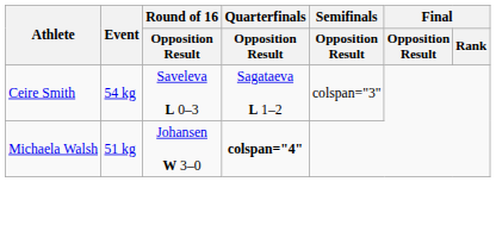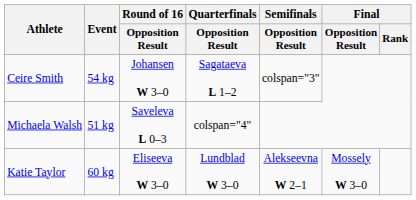 <table class="wikitable" style="font-size:90%;">
 <tr>
 <th rowspan=2>Athlete</th>
 <th rowspan=2>Event</th>
 <th>Round of 16</th>
 <th>Quarterfinals</th>
 <th>Semifinals</th>
 <th colspan=2>Final</th>
 </tr>
 <tr style="font-size:95%">
 <th>Opposition<br>Result</th>
 <th>Opposition<br>Result</th>
 <th>Opposition<br>Result</th>
 <th>Opposition<br>Result</th>
 <th>Rank</th>
 </tr>
 <tr align=center>
 <td align=left><a href='#'>Ceire Smith</a></td>
 <td align=left><a href='#'>54 kg</a></td>
-<td><a href='#'>Saveleva</a><br><br> <strong>L</strong> 0–3</td>
+<td><a href='#'>Johansen</a><br><br> <strong>W</strong> 3–0</td>
 <td><a href='#'>Sagataeva</a><br><br> <strong>L</strong> 1–2</td>
 <td>colspan="3" </td>
 </tr>
 <tr align=center>
 <td align=left><a href='#'>Michaela Walsh</a></td>
 <td align=left><a href='#'>51 kg</a></td>
-<td><a href='#'>Johansen</a><br><br> <strong>W</strong> 3–0</td>
-<td><strong>colspan="4" </strong></td>
+<td><a href='#'>Saveleva</a><br><br> <strong>L</strong> 0–3</td>
+<td>colspan="4" </td>
+</tr>
+<tr align=center>
+<td align=left><a href='#'>Katie Taylor</a></td>
+<td align=left><a href='#'>60 kg</a></td>
+<td><a href='#'>Eliseeva</a><br><br> <strong>W</strong> 3–0</td>
+<td><a href='#'>Lundblad</a><br><br> <strong>W</strong> 3–0</td>
+<td><a href='#'>Alekseevna</a><br><br> <strong>W</strong> 2–1</td>
+<td><a href='#'>Mossely</a><br><br> <strong>W</strong> 3–0</td>
+<td></td>
 </tr>
 </table>
